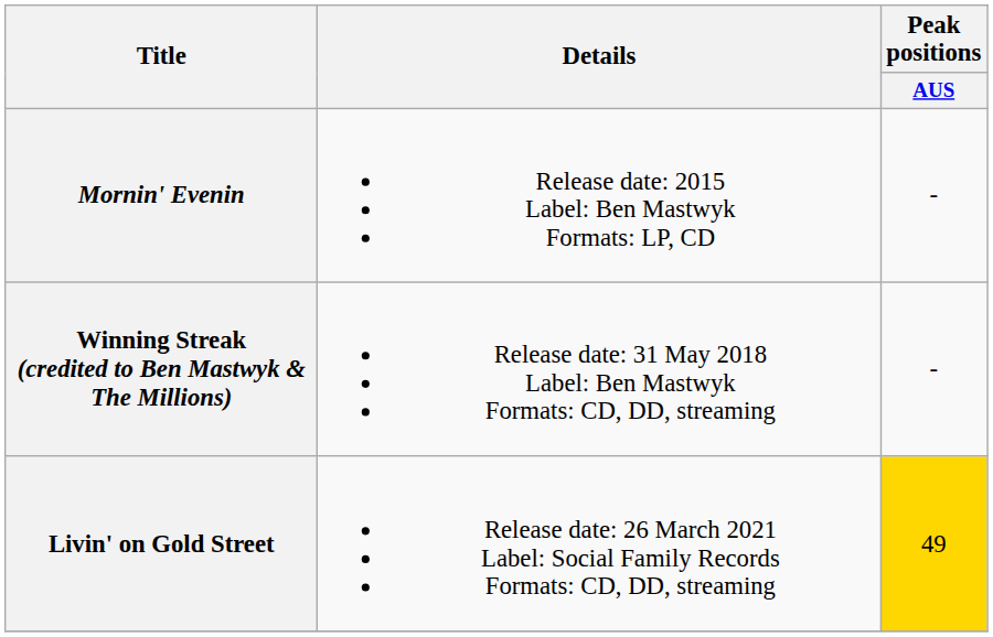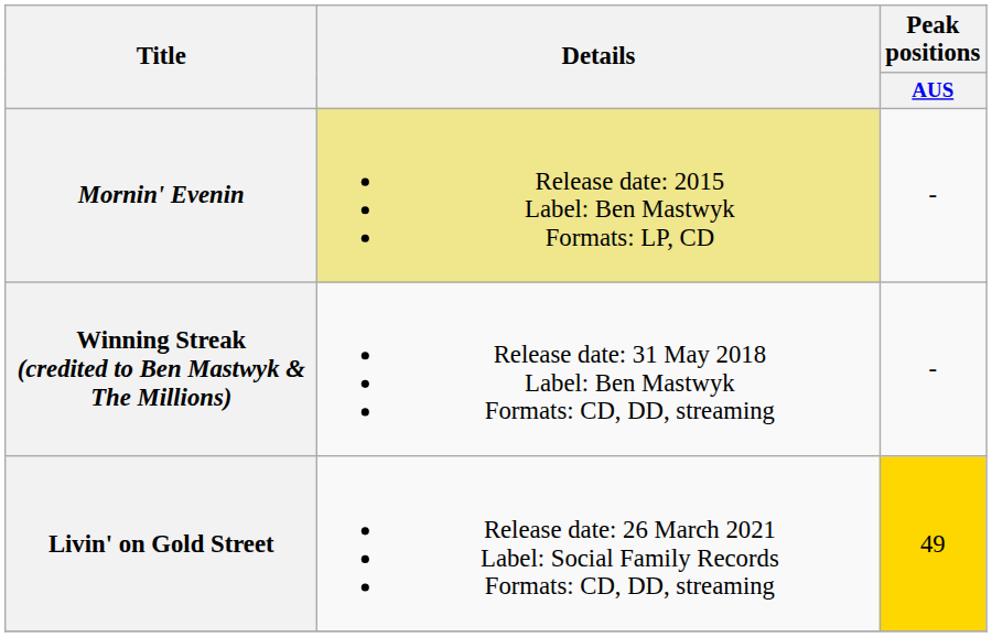 <table class="wikitable plainrowheaders" style="text-align:center;">
 <tr>
 <th rowspan="2" style="width:12em;">Title</th>
 <th rowspan="2" style="width:22em;">Details</th>
 <th colspan="1">Peak positions</th>
 </tr>
 <tr style="font-size:smaller;">
 <th width="50"><a href='#'>AUS</a></th>
 </tr>
 <tr>
 <th scope="row"><em>Mornin' Evenin<strong></th>
-<td><br><ul><li>Release date: 2015</li><li>Label: Ben Mastwyk</li><li>Formats: LP, CD</li></ul></td>
+<td style="background: khaki;"><br><ul><li>Release date: 2015</li><li>Label: Ben Mastwyk</li><li>Formats: LP, CD</li></ul></td>
 <td>-</td>
 </tr>
 <tr>
 <th scope="row"></em>Winning Streak<em> <br>(credited to Ben Mastwyk & The Millions)</th>
 <td><br><ul><li>Release date: 31 May 2018</li><li>Label: Ben Mastwyk</li><li>Formats: CD, DD, streaming</li></ul></td>
 <td>-</td>
 </tr>
 <tr>
 <th scope="row"></em>Livin' on Gold Street<em></th>
 <td><br><ul><li>Release date: 26 March 2021</li><li>Label: Social Family Records</li><li>Formats: CD, DD, streaming</li></ul></td>
 <td style="background: gold;">49<br></td>
 </tr>
 <tr>
 </tr>
 </table>
